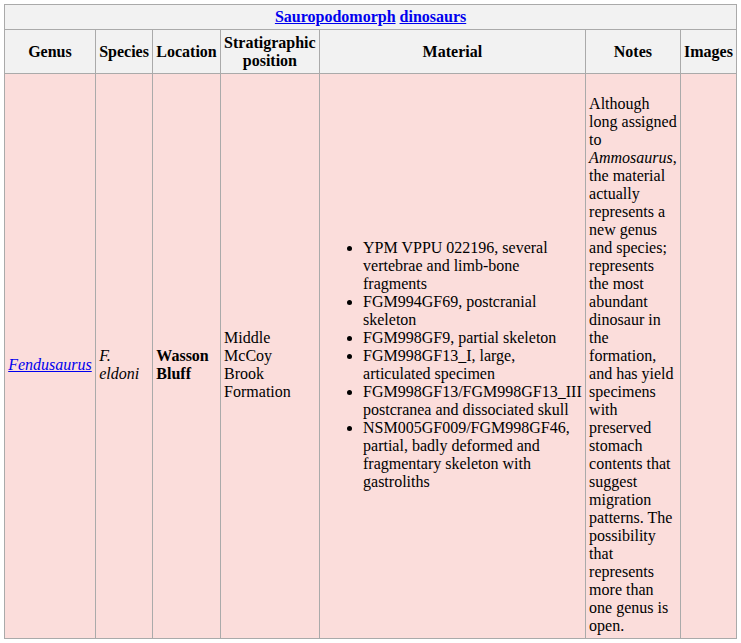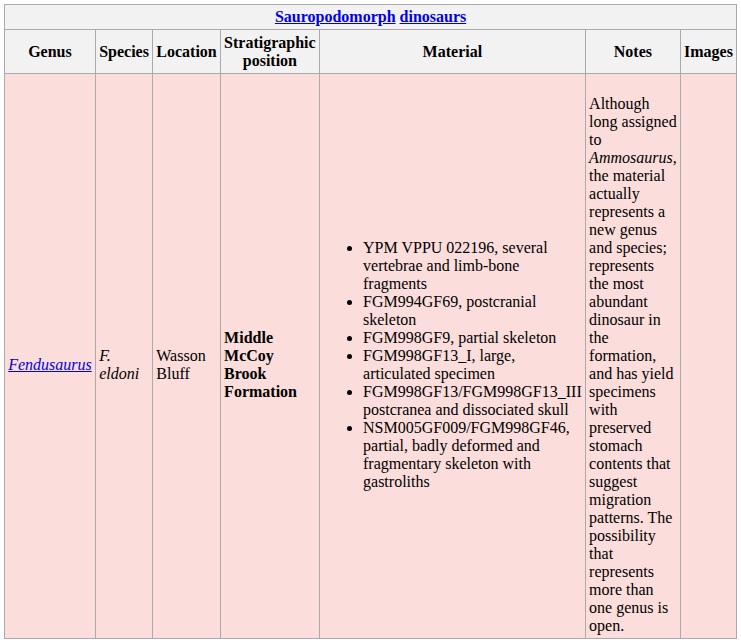 <table class="wikitable" align="center">
 <tr>
 <th colspan="7" align="center"><strong><a href='#'>Sauropodomorph</a> <a href='#'>dinosaurs</a></strong></th>
 </tr>
 <tr>
 <th>Genus</th>
 <th>Species</th>
 <th>Location</th>
 <th>Stratigraphic position</th>
 <th>Material</th>
 <th>Notes</th>
 <th>Images</th>
 </tr>
 <tr>
 <td style="background:#fbdddb;"><br><em><a href='#'>Fendusaurus</a></em></td>
 <td style="background:#fbdddb;"><br><em>F. eldoni</em></td>
-<td style="background:#fbdddb;"><strong><br>Wasson Bluff</strong></td>
-<td style="background:#fbdddb;"><br>Middle McCoy Brook Formation</td>
+<td style="background:#fbdddb;"><br>Wasson Bluff</td>
+<td style="background:#fbdddb;"><strong><br>Middle McCoy Brook Formation</strong></td>
 <td style="background:#fbdddb;"><br><ul><li>YPM VPPU 022196, several vertebrae and limb-bone fragments</li><li>FGM994GF69, postcranial skeleton</li><li>FGM998GF9, partial skeleton</li><li>FGM998GF13_I, large, articulated specimen</li><li>FGM998GF13/FGM998GF13_III postcranea and dissociated skull</li><li>NSM005GF009/FGM998GF46, partial, badly deformed and fragmentary skeleton with gastroliths</li></ul></td>
 <td style="background:#fbdddb;"><br>Although long assigned to <em>Ammosaurus</em>, the material actually represents a new genus and species; represents the most abundant dinosaur in the formation, and has yield specimens with preserved stomach contents that suggest migration patterns. The possibility that represents more than one genus is open.</td>
 <td style="background:#fbdddb;"></td>
 </tr>
 <tr>
 </tr>
 </table>
